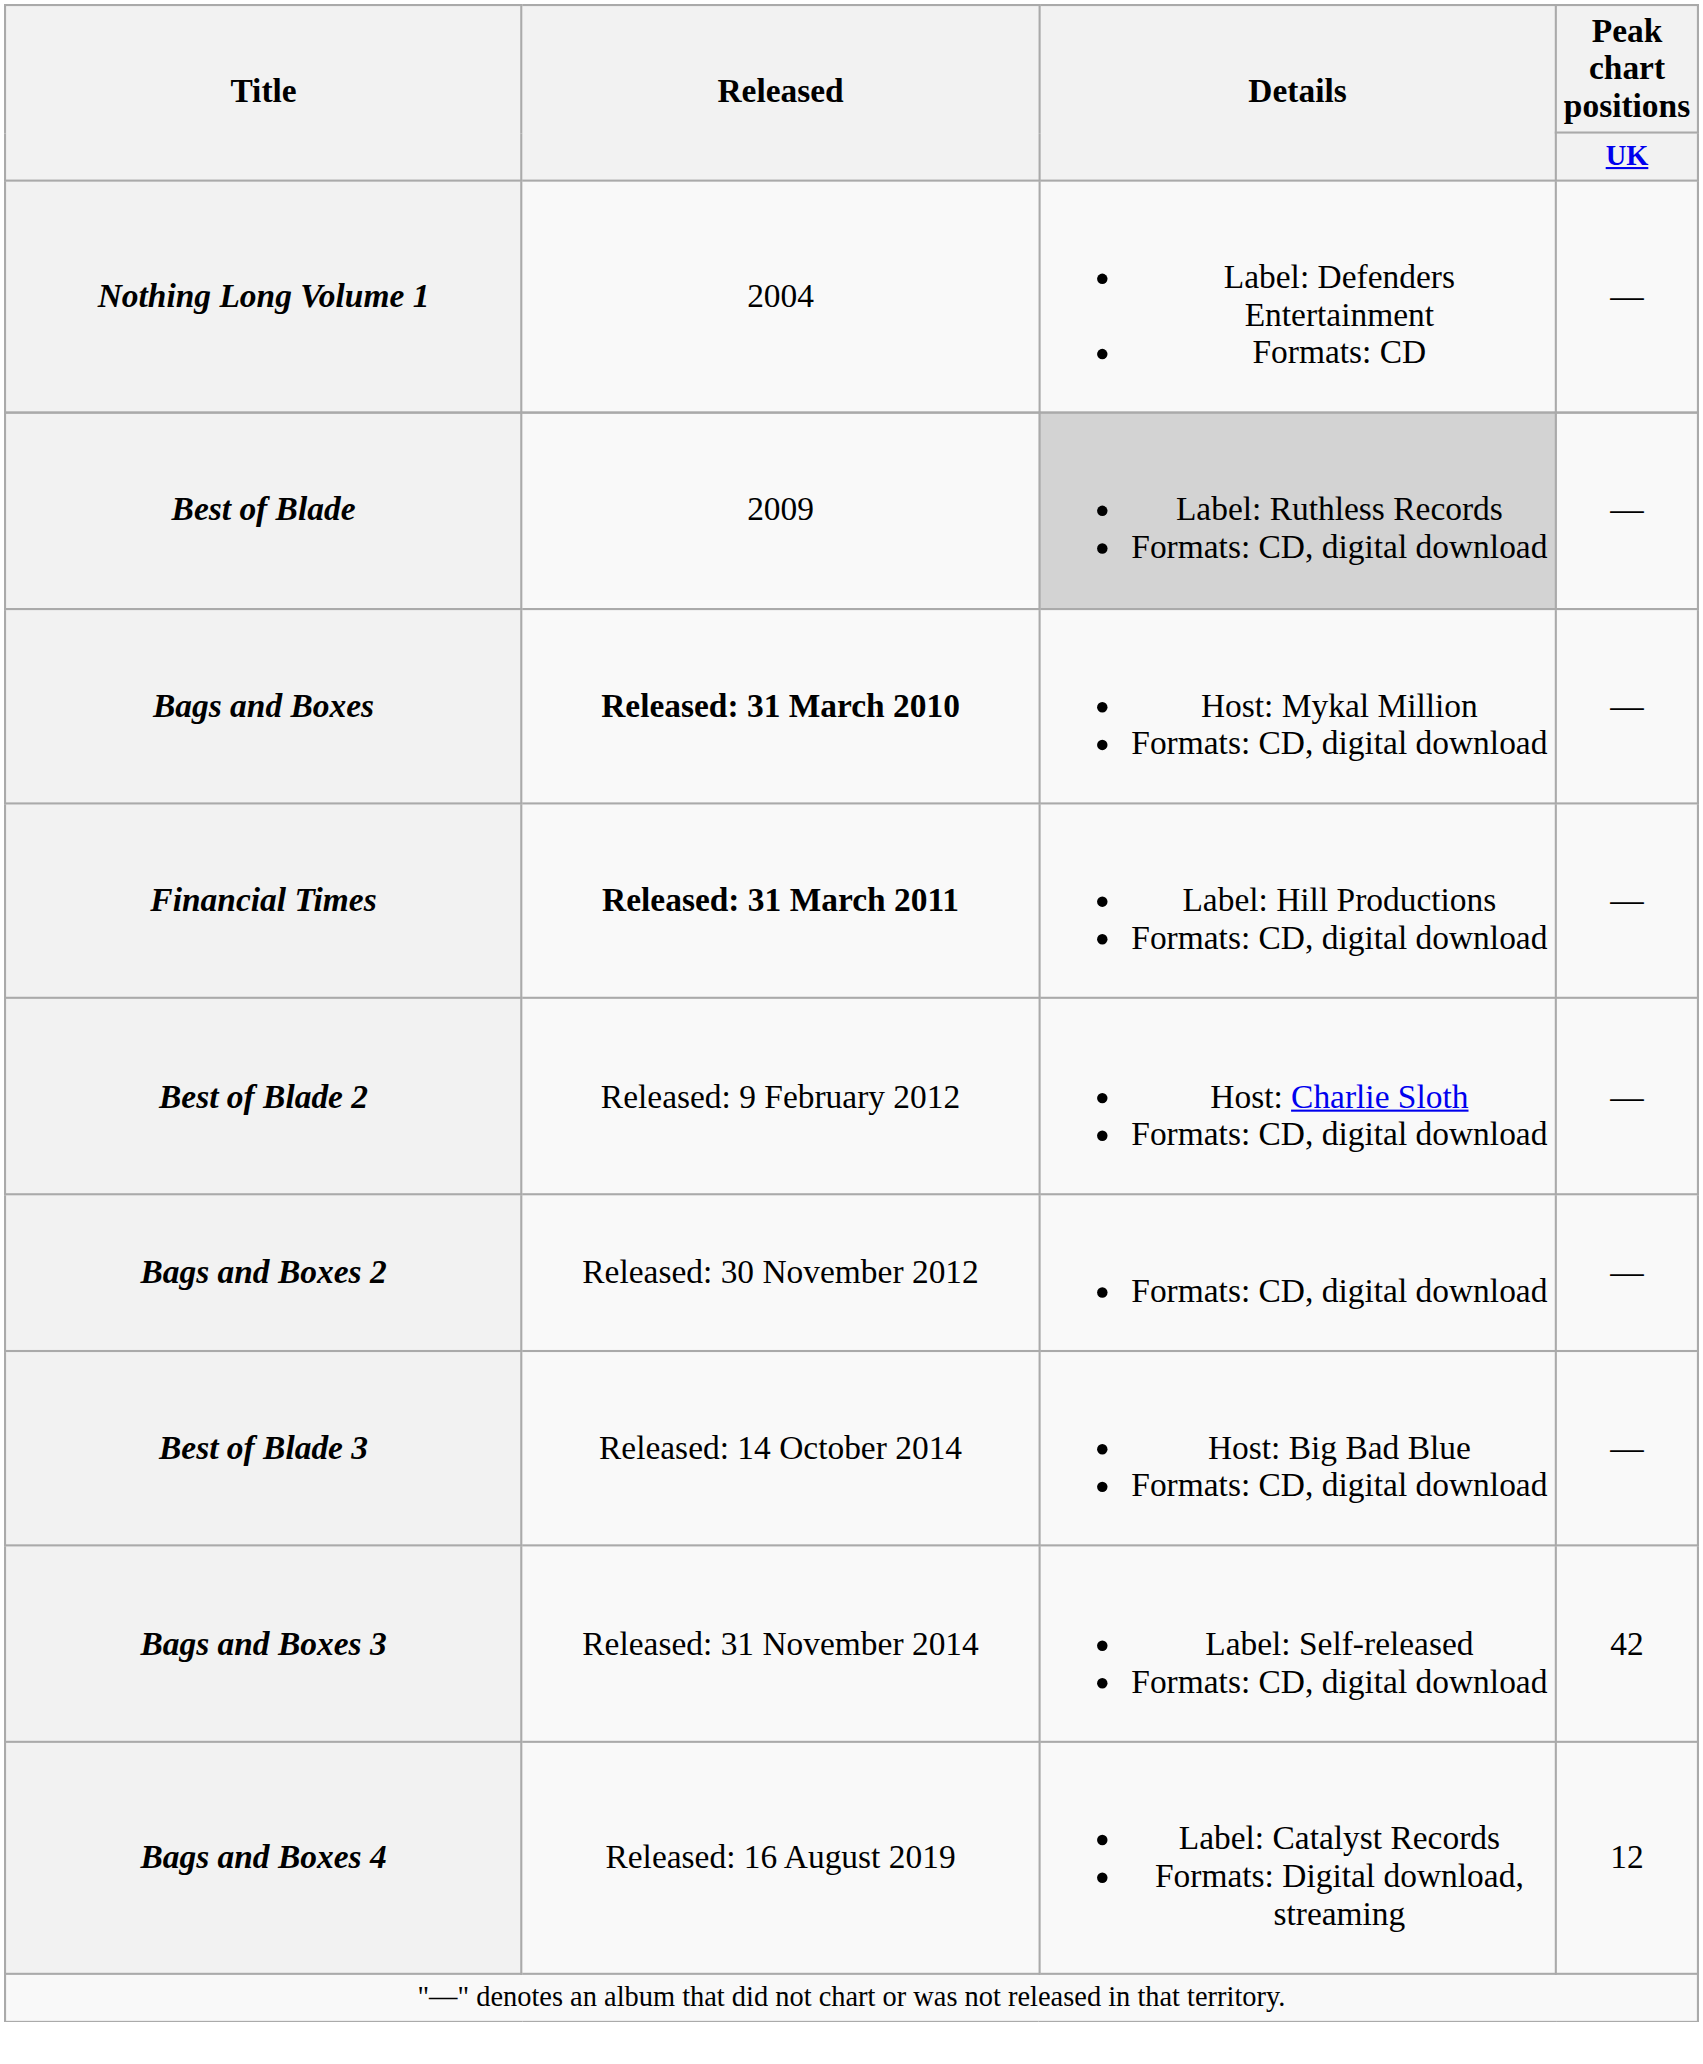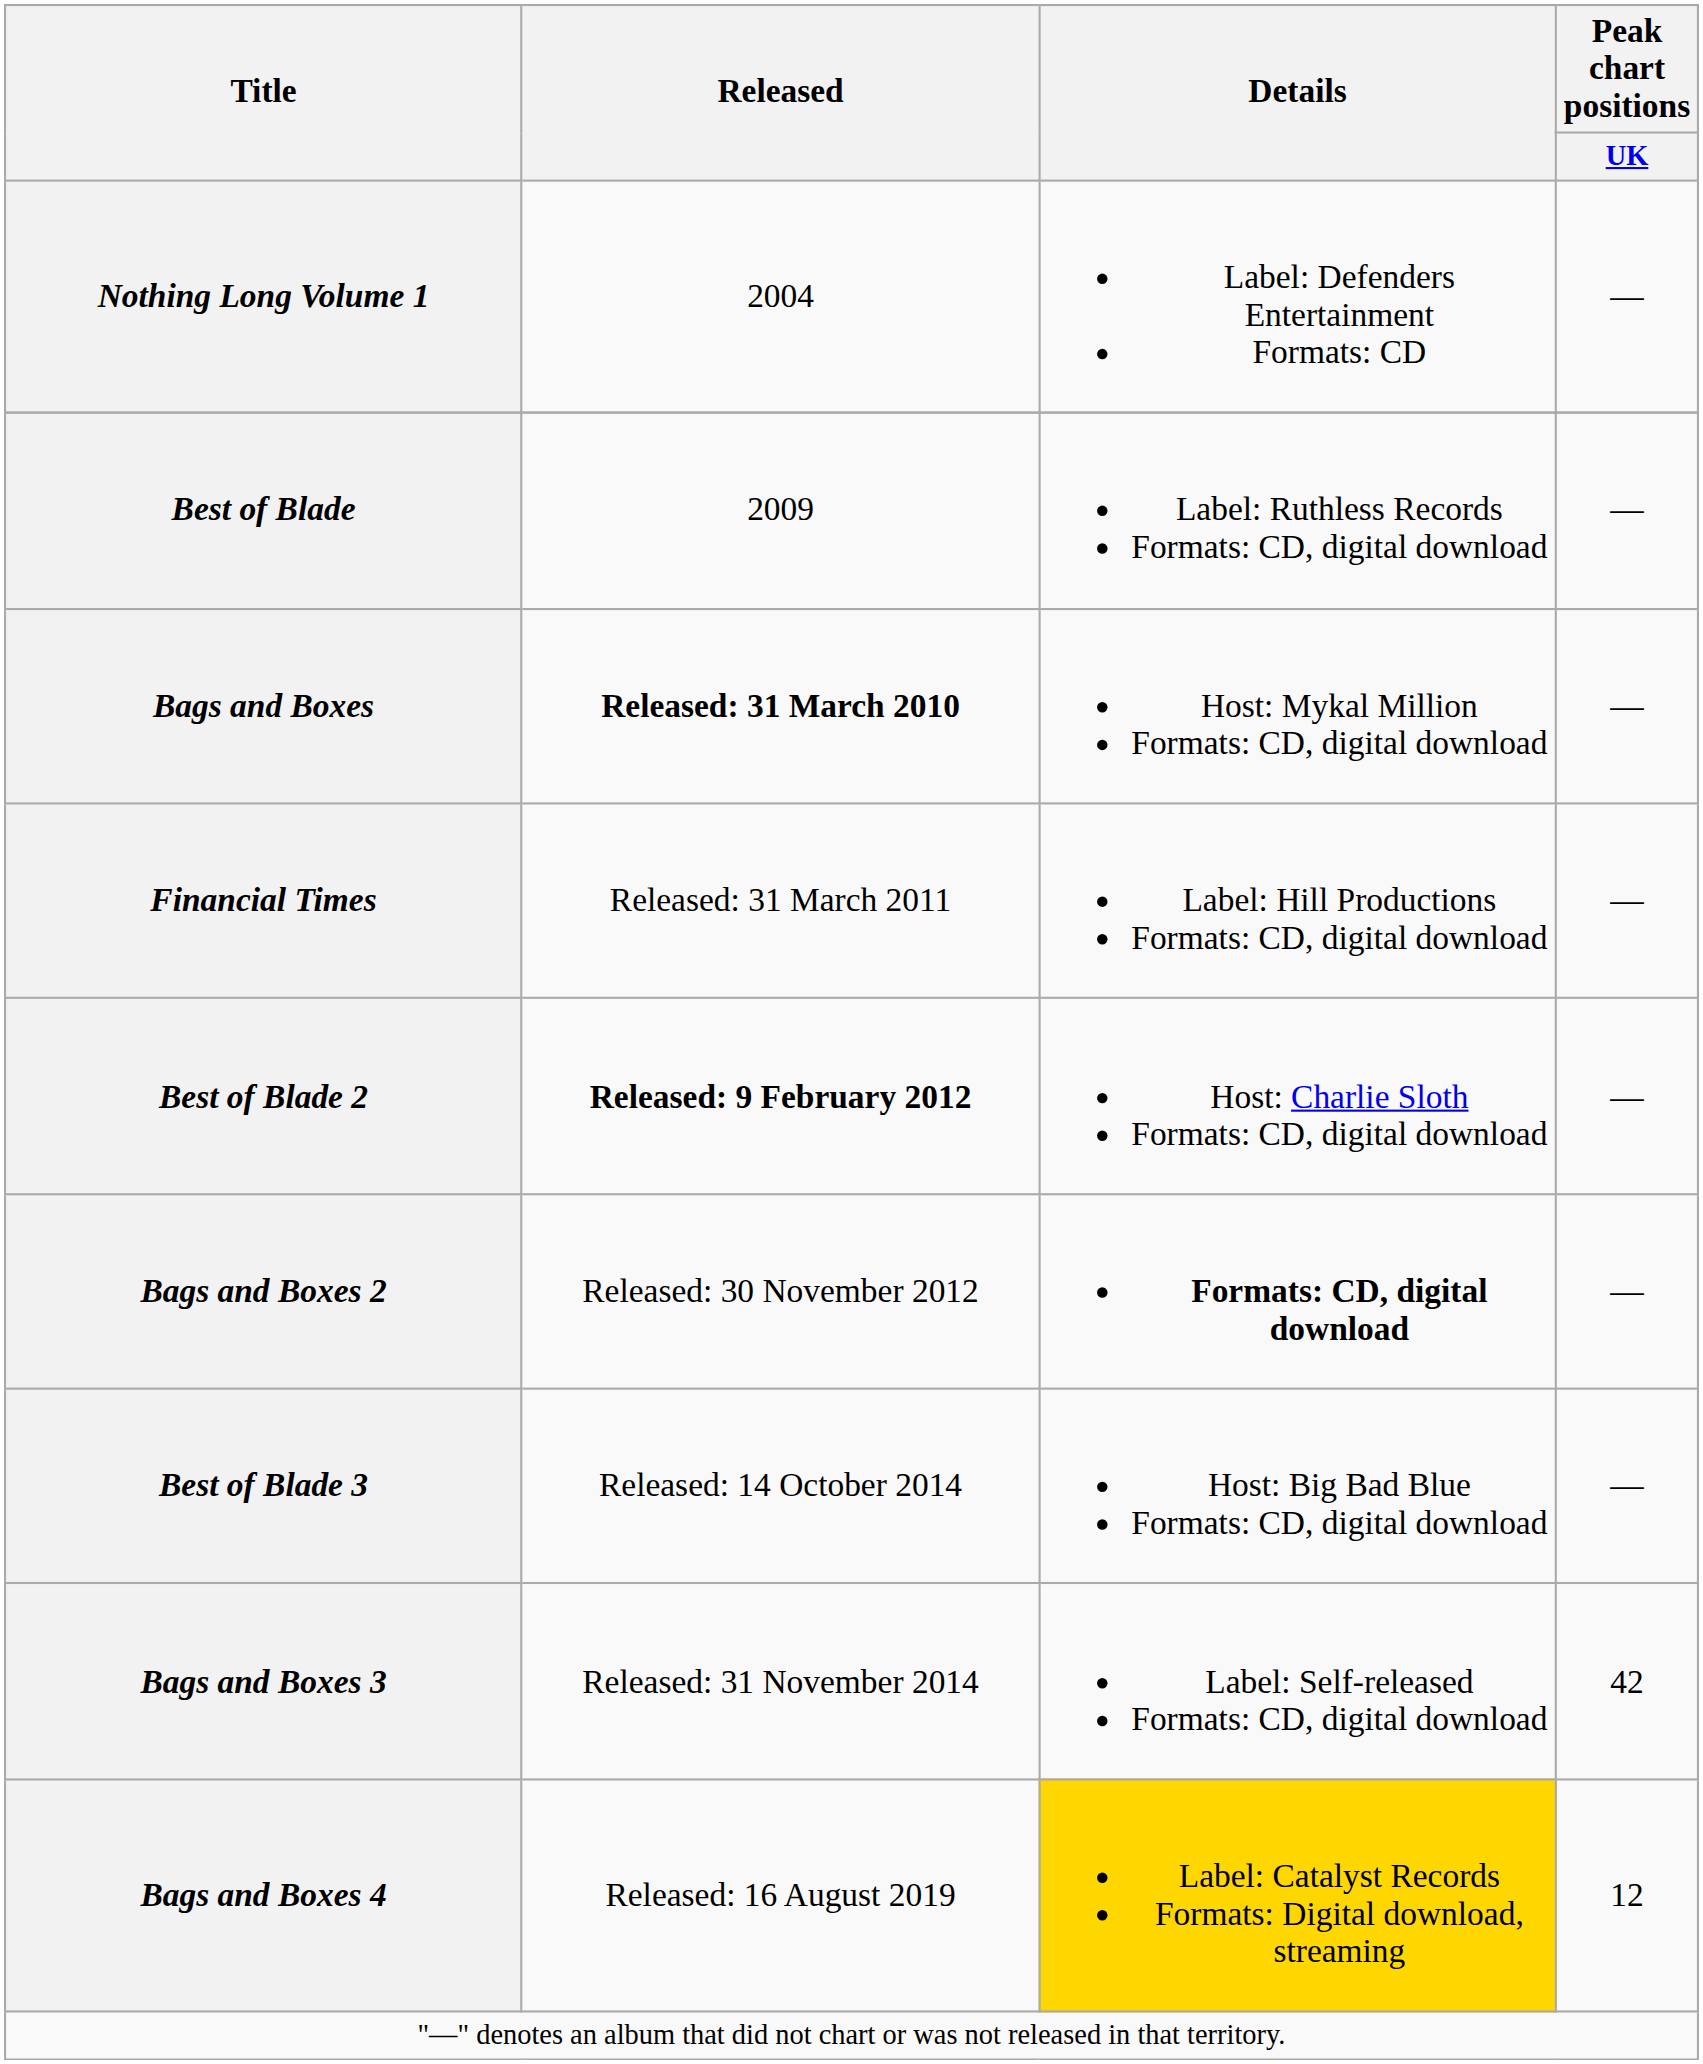 <table class="wikitable plainrowheaders" style="text-align:center;">
 <tr>
 <th scope="col" rowspan="2" style="width:15em;">Title</th>
 <th scope="col" rowspan="2" style="width:15em;">Released</th>
 <th scope="col" rowspan="2" style="width:15em;">Details</th>
 <th scope="col" colspan="1">Peak chart positions</th>
 </tr>
 <tr>
 <th scope="col" style="width:3em;font-size:85%;"><a href='#'>UK</a><br></th>
 </tr>
 <tr>
 <th scope="row"><em>Nothing Long Volume 1</em></th>
 <td>2004</td>
 <td><br><ul><li>Label: Defenders Entertainment</li><li>Formats: CD</li></ul></td>
 <td>—</td>
 </tr>
 <tr>
 </tr>
 <tr>
 <th scope="row"><em>Best of Blade</em></th>
 <td>2009</td>
-<td style="background: lightgrey;"><br><ul><li>Label: Ruthless Records</li><li>Formats: CD, digital download</li></ul></td>
+<td><br><ul><li>Label: Ruthless Records</li><li>Formats: CD, digital download</li></ul></td>
 <td>—</td>
 </tr>
 <tr>
 <th scope="row"><em>Bags and Boxes</em></th>
 <td><strong>Released: 31 March 2010</strong></td>
 <td><br><ul><li>Host: Mykal Million</li><li>Formats: CD, digital download</li></ul></td>
 <td>—</td>
 </tr>
 <tr>
 <th scope="row"><em>Financial Times</em></th>
-<td><strong>Released: 31 March 2011</strong></td>
+<td>Released: 31 March 2011</td>
 <td><br><ul><li>Label: Hill Productions</li><li>Formats: CD, digital download</li></ul></td>
 <td>—</td>
 </tr>
 <tr>
 <th scope="row"><em>Best of Blade 2</em></th>
-<td>Released: 9 February 2012</td>
+<td><strong>Released: 9 February 2012</strong></td>
 <td><br><ul><li>Host: <a href='#'>Charlie Sloth</a></li><li>Formats: CD, digital download</li></ul></td>
 <td>—</td>
 </tr>
 <tr>
 <th scope="row"><em>Bags and Boxes 2</em></th>
 <td>Released: 30 November 2012</td>
-<td><br><ul><li>Formats: CD, digital download</li></ul></td>
+<td><strong><br><ul><li>Formats: CD, digital download</li></ul></strong></td>
 <td>—</td>
 </tr>
 <tr>
 <th scope="row"><em>Best of Blade 3</em></th>
 <td>Released: 14 October 2014</td>
 <td><br><ul><li>Host: Big Bad Blue</li><li>Formats: CD, digital download</li></ul></td>
 <td>—</td>
 </tr>
 <tr>
 <th scope="row"><em>Bags and Boxes 3</em></th>
 <td>Released: 31 November 2014</td>
 <td><br><ul><li>Label: Self-released</li><li>Formats: CD, digital download</li></ul></td>
 <td>42</td>
 </tr>
 <tr>
 <th scope="row"><em>Bags and Boxes 4</em></th>
 <td>Released: 16 August 2019</td>
-<td><br><ul><li>Label: Catalyst Records</li><li>Formats: Digital download, streaming</li></ul></td>
+<td style="background: gold;"><br><ul><li>Label: Catalyst Records</li><li>Formats: Digital download, streaming</li></ul></td>
 <td>12</td>
 </tr>
 <tr>
 <td colspan="20" style="font-size:85%">"—" denotes an album that did not chart or was not released in that territory.</td>
 </tr>
 </table>
